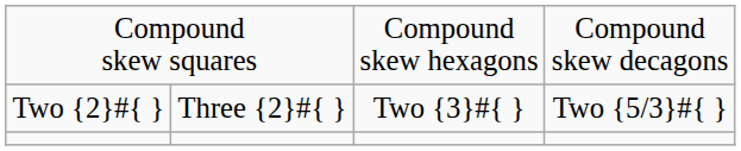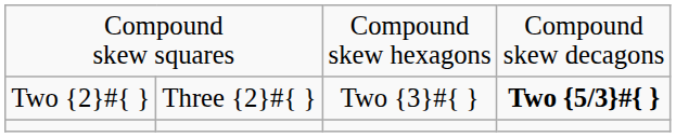 <table class=wikitable>
 <tr align=center>
 <td colspan=2>Compound<br>skew squares</td>
 <td>Compound<br>skew hexagons</td>
 <td>Compound<br>skew decagons</td>
 </tr>
 <tr align=center>
 <td>Two {2}#{ }</td>
 <td>Three {2}#{ }</td>
 <td>Two {3}#{ }</td>
-<td>Two {5/3}#{ }</td>
+<td><strong>Two {5/3}#{ }</strong></td>
 </tr>
 <tr align=center>
 <td></td>
 <td></td>
 <td></td>
 <td></td>
 </tr>
 </table>
